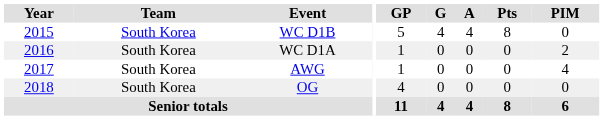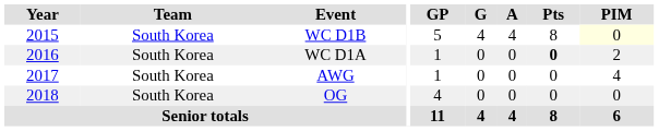 <table border="0" cellpadding="1" cellspacing="0" ID="Table3" style="text-align:center; width:40em">
 <tr ALIGN="center" bgcolor="#e0e0e0">
 <th>Year</th>
 <th>Team</th>
 <th>Event</th>
 <th rowspan="99" bgcolor="#ffffff"></th>
 <th>GP</th>
 <th>G</th>
 <th>A</th>
 <th>Pts</th>
 <th>PIM</th>
 </tr>
 <tr>
 <td><a href='#'>2015</a></td>
 <td><a href='#'>South Korea</a></td>
 <td><a href='#'>WC D1B</a></td>
 <td>5</td>
 <td>4</td>
 <td>4</td>
 <td>8</td>
-<td>0</td>
+<td style="background: lightyellow;">0</td>
 </tr>
 <tr bgcolor="#f0f0f0">
 <td><a href='#'>2016</a></td>
 <td>South Korea</td>
 <td>WC D1A</td>
 <td>1</td>
 <td>0</td>
 <td>0</td>
-<td>0</td>
+<td><strong>0</strong></td>
 <td>2</td>
 </tr>
 <tr>
 <td><a href='#'>2017</a></td>
 <td>South Korea</td>
 <td><a href='#'>AWG</a></td>
 <td>1</td>
 <td>0</td>
 <td>0</td>
 <td>0</td>
 <td>4</td>
 </tr>
 <tr bgcolor="#f0f0f0">
 <td><a href='#'>2018</a></td>
 <td>South Korea</td>
 <td><a href='#'>OG</a></td>
 <td>4</td>
 <td>0</td>
 <td>0</td>
 <td>0</td>
 <td>0</td>
 </tr>
 <tr bgcolor="#e0e0e0">
 <th colspan="3">Senior totals</th>
 <th>11</th>
 <th>4</th>
 <th>4</th>
 <th>8</th>
 <th>6</th>
 </tr>
 </table>
